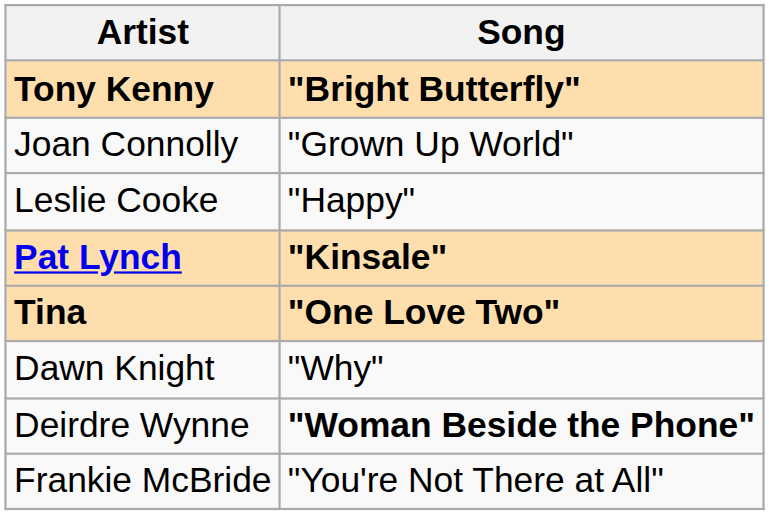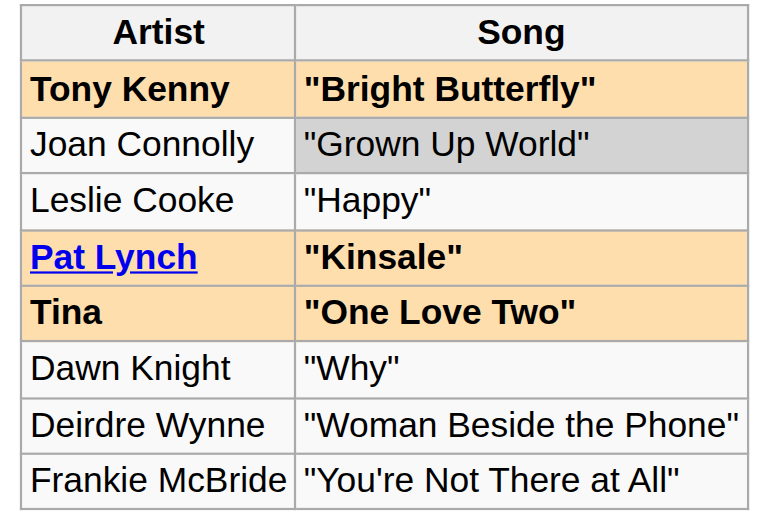 <table class="sortable wikitable" style="margin: 1em auto 1em auto">
 <tr>
 <th>Artist</th>
 <th>Song</th>
 </tr>
 <tr bgcolor="#FFDEAD">
 <td><strong>Tony Kenny</strong></td>
 <td><strong>"Bright Butterfly"</strong></td>
 </tr>
 <tr>
 <td>Joan Connolly</td>
-<td>"Grown Up World"</td>
+<td style="background: lightgrey;">"Grown Up World"</td>
 </tr>
 <tr>
 <td>Leslie Cooke</td>
 <td>"Happy"</td>
 </tr>
 <tr bgcolor="#FFDEAD">
 <td><strong><a href='#'>Pat Lynch</a></strong></td>
 <td><strong>"Kinsale"</strong></td>
 </tr>
 <tr bgcolor="#FFDEAD">
 <td><strong>Tina</strong></td>
 <td><strong>"One Love Two"</strong></td>
 </tr>
 <tr>
 <td>Dawn Knight</td>
 <td>"Why"</td>
 </tr>
 <tr>
 <td>Deirdre Wynne</td>
-<td><strong>"Woman Beside the Phone"</strong></td>
+<td>"Woman Beside the Phone"</td>
 </tr>
 <tr>
 <td>Frankie McBride</td>
 <td>"You're Not There at All"</td>
 </tr>
 </table>
